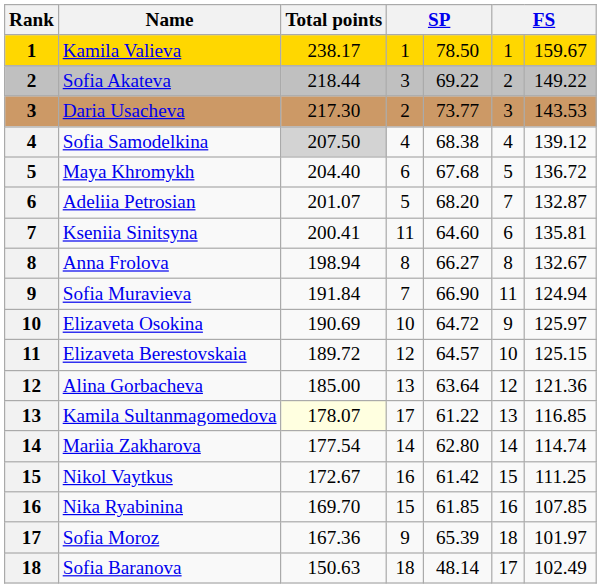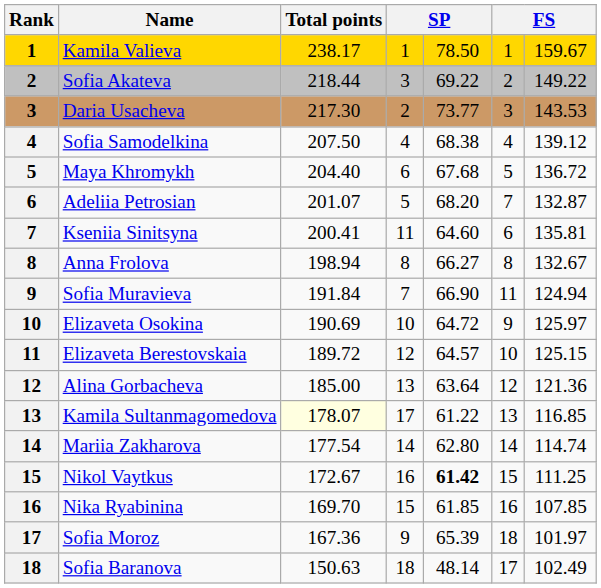 <table class="wikitable sortable">
 <tr>
 <th>Rank</th>
 <th>Name</th>
 <th>Total points</th>
 <th colspan="2" width="80px"><a href='#'>SP</a></th>
 <th colspan="2" width="80px"><a href='#'>FS</a></th>
 </tr>
 <tr bgcolor="gold">
 <td align="center"><strong>1</strong></td>
 <td><a href='#'>Kamila Valieva</a></td>
 <td align="center">238.17</td>
 <td align="center">1</td>
 <td align="center">78.50</td>
 <td align="center">1</td>
 <td align="center">159.67</td>
 </tr>
 <tr bgcolor="silver">
 <td align="center"><strong>2</strong></td>
 <td><a href='#'>Sofia Akateva</a></td>
 <td align="center">218.44</td>
 <td align="center">3</td>
 <td align="center">69.22</td>
 <td align="center">2</td>
 <td align="center">149.22</td>
 </tr>
 <tr bgcolor="cc9966">
 <td align="center"><strong>3</strong></td>
 <td><a href='#'>Daria Usacheva</a></td>
 <td align="center">217.30</td>
 <td align="center">2</td>
 <td align="center">73.77</td>
 <td align="center">3</td>
 <td align="center">143.53</td>
 </tr>
 <tr>
 <th>4</th>
 <td><a href='#'>Sofia Samodelkina</a></td>
-<td align="center" style="background: lightgrey;">207.50</td>
+<td align="center">207.50</td>
 <td align="center">4</td>
 <td align="center">68.38</td>
 <td align="center">4</td>
 <td align="center">139.12</td>
 </tr>
 <tr>
 <th>5</th>
 <td><a href='#'>Maya Khromykh</a></td>
 <td align="center">204.40</td>
 <td align="center">6</td>
 <td align="center">67.68</td>
 <td align="center">5</td>
 <td align="center">136.72</td>
 </tr>
 <tr>
 <th>6</th>
 <td><a href='#'>Adeliia Petrosian</a></td>
 <td align="center">201.07</td>
 <td align="center">5</td>
 <td align="center">68.20</td>
 <td align="center">7</td>
 <td align="center">132.87</td>
 </tr>
 <tr>
 <th>7</th>
 <td><a href='#'>Kseniia Sinitsyna</a></td>
 <td align="center">200.41</td>
 <td align="center">11</td>
 <td align="center">64.60</td>
 <td align="center">6</td>
 <td align="center">135.81</td>
 </tr>
 <tr>
 <th>8</th>
 <td><a href='#'>Anna Frolova</a></td>
 <td align="center">198.94</td>
 <td align="center">8</td>
 <td align="center">66.27</td>
 <td align="center">8</td>
 <td align="center">132.67</td>
 </tr>
 <tr>
 <th>9</th>
 <td><a href='#'>Sofia Muravieva</a></td>
 <td align="center">191.84</td>
 <td align="center">7</td>
 <td align="center">66.90</td>
 <td align="center">11</td>
 <td align="center">124.94</td>
 </tr>
 <tr>
 <th>10</th>
 <td><a href='#'>Elizaveta Osokina</a></td>
 <td align="center">190.69</td>
 <td align="center">10</td>
 <td align="center">64.72</td>
 <td align="center">9</td>
 <td align="center">125.97</td>
 </tr>
 <tr>
 <th>11</th>
 <td><a href='#'>Elizaveta Berestovskaia</a></td>
 <td align="center">189.72</td>
 <td align="center">12</td>
 <td align="center">64.57</td>
 <td align="center">10</td>
 <td align="center">125.15</td>
 </tr>
 <tr>
 <th>12</th>
 <td><a href='#'>Alina Gorbacheva</a></td>
 <td align="center">185.00</td>
 <td align="center">13</td>
 <td align="center">63.64</td>
 <td align="center">12</td>
 <td align="center">121.36</td>
 </tr>
 <tr>
 <th>13</th>
 <td><a href='#'>Kamila Sultanmagomedova</a></td>
 <td align="center" style="background: lightyellow;">178.07</td>
 <td align="center">17</td>
 <td align="center">61.22</td>
 <td align="center">13</td>
 <td align="center">116.85</td>
 </tr>
 <tr>
 <th>14</th>
 <td><a href='#'>Mariia Zakharova</a></td>
 <td align="center">177.54</td>
 <td align="center">14</td>
 <td align="center">62.80</td>
 <td align="center">14</td>
 <td align="center">114.74</td>
 </tr>
 <tr>
 <th>15</th>
 <td><a href='#'>Nikol Vaytkus</a></td>
 <td align="center">172.67</td>
 <td align="center">16</td>
-<td align="center">61.42</td>
+<td align="center"><strong>61.42</strong></td>
 <td align="center">15</td>
 <td align="center">111.25</td>
 </tr>
 <tr>
 <th>16</th>
 <td><a href='#'>Nika Ryabinina</a></td>
 <td align="center">169.70</td>
 <td align="center">15</td>
 <td align="center">61.85</td>
 <td align="center">16</td>
 <td align="center">107.85</td>
 </tr>
 <tr>
 <th>17</th>
 <td><a href='#'>Sofia Moroz</a></td>
 <td align="center">167.36</td>
 <td align="center">9</td>
 <td align="center">65.39</td>
 <td align="center">18</td>
 <td align="center">101.97</td>
 </tr>
 <tr>
 <th>18</th>
 <td><a href='#'>Sofia Baranova</a></td>
 <td align="center">150.63</td>
 <td align="center">18</td>
 <td align="center">48.14</td>
 <td align="center">17</td>
 <td align="center">102.49</td>
 </tr>
 </table>
